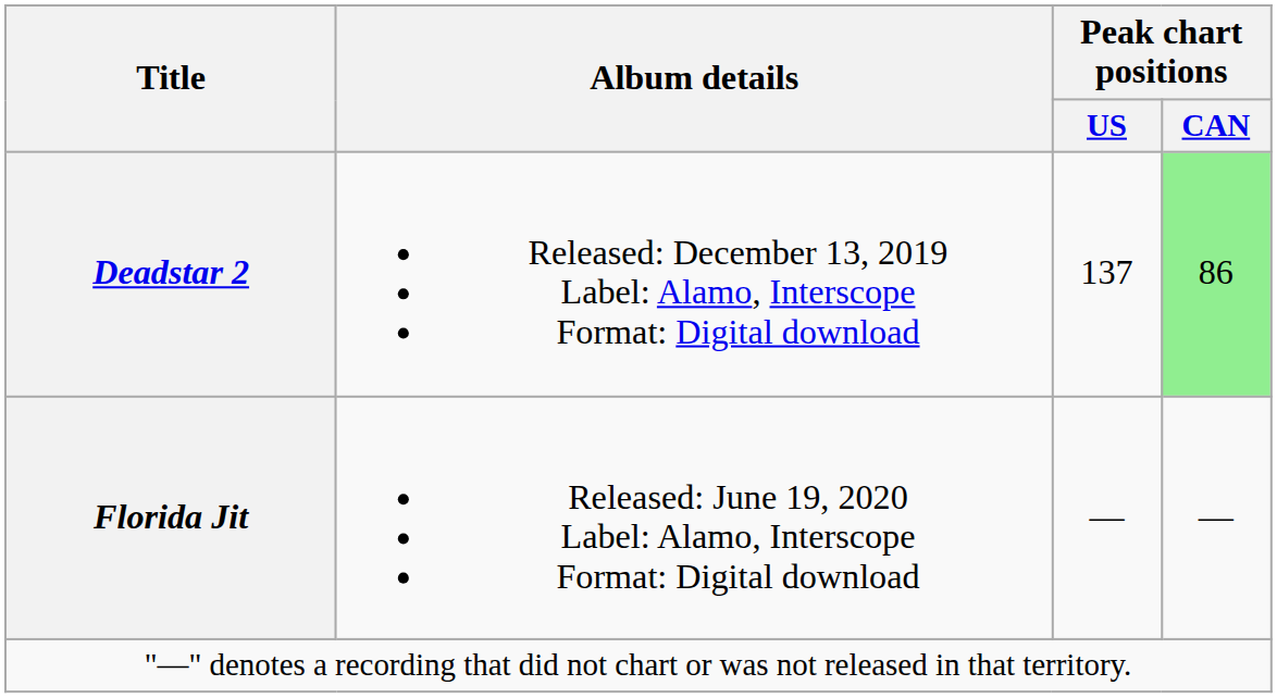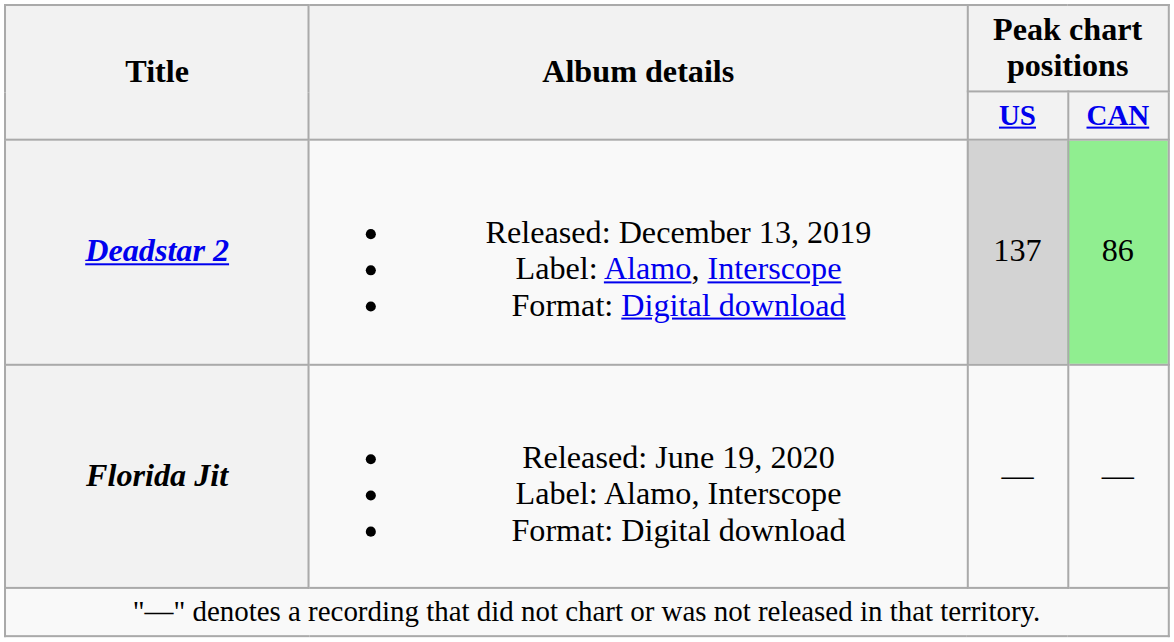 <table class="wikitable plainrowheaders" style="text-align:center;">
 <tr>
 <th scope="col" rowspan="2" style="width:9em;">Title</th>
 <th scope="col" rowspan="2" style="width:20em;">Album details</th>
 <th scope="col" colspan="2">Peak chart positions</th>
 </tr>
 <tr>
 <th scope="col" style="width:3em;font-size:90%;"><a href='#'>US</a><br></th>
 <th scope="col" style="width:3em;font-size:90%;"><a href='#'>CAN</a><br></th>
 </tr>
 <tr>
 <th scope="row"><em><a href='#'>Deadstar 2</a></em></th>
 <td><br><ul><li>Released: December 13, 2019</li><li>Label: <a href='#'>Alamo</a>, <a href='#'>Interscope</a></li><li>Format: <a href='#'>Digital download</a></li></ul></td>
-<td>137</td>
+<td style="background: lightgrey;">137</td>
 <td style="background: lightgreen;">86</td>
 </tr>
 <tr>
 <th scope="row"><em>Florida Jit</em></th>
 <td><br><ul><li>Released: June 19, 2020</li><li>Label: Alamo, Interscope</li><li>Format: Digital download</li></ul></td>
 <td>—</td>
 <td>—</td>
 </tr>
 <tr>
 <td colspan="14" style="font-size:90%">"—" denotes a recording that did not chart or was not released in that territory.</td>
 </tr>
 </table>
